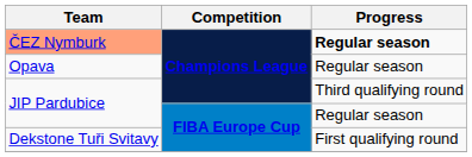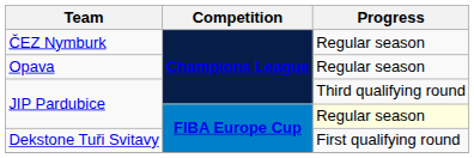 <table class="wikitable sortable">
 <tr>
 <th>Team</th>
 <th>Competition</th>
 <th>Progress</th>
 </tr>
 <tr>
-<td style="background: lightsalmon;"><a href='#'>ČEZ Nymburk</a></td>
+<td><a href='#'>ČEZ Nymburk</a></td>
 <td rowspan="3" style="background-color:#071D49;color:#D0D3D4;text-align:center"><strong><a href='#'><span>Champions League</span></a></strong></td>
-<td><strong>Regular season</strong></td>
+<td>Regular season</td>
 </tr>
 <tr>
 <td><a href='#'>Opava</a></td>
 <td>Regular season</td>
 </tr>
 <tr>
 <td rowspan=2><a href='#'>JIP Pardubice</a></td>
 <td>Third qualifying round</td>
 </tr>
 <tr>
 <td rowspan=2 style="background-color:#0080C8;color:white;text-align:center"><strong><a href='#'><span>FIBA Europe Cup</span></a></strong></td>
-<td>Regular season</td>
+<td style="background: lightyellow;">Regular season</td>
 </tr>
 <tr>
 <td><a href='#'>Dekstone Tuři Svitavy</a></td>
 <td>First qualifying round</td>
 </tr>
 <tr>
 </tr>
 </table>
